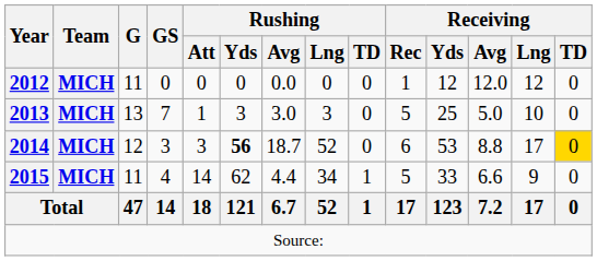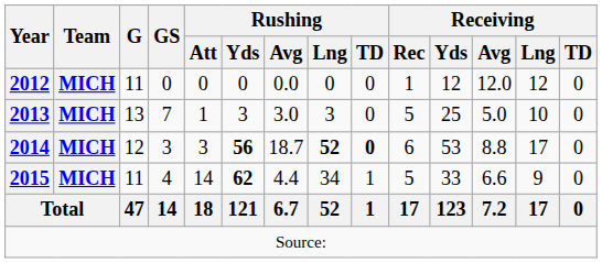 <table class="wikitable" style="text-align: center;">
 <tr>
 <th rowspan="2">Year</th>
 <th rowspan="2">Team</th>
 <th rowspan="2">G</th>
 <th rowspan="2">GS</th>
 <th colspan="5">Rushing</th>
 <th colspan="5">Receiving</th>
 </tr>
 <tr>
 <th>Att</th>
 <th>Yds</th>
 <th>Avg</th>
 <th>Lng</th>
 <th>TD</th>
 <th>Rec</th>
 <th>Yds</th>
 <th>Avg</th>
 <th>Lng</th>
 <th>TD</th>
 </tr>
 <tr>
 <th><a href='#'>2012</a></th>
 <th><a href='#'>MICH</a></th>
 <td>11</td>
 <td>0</td>
 <td>0</td>
 <td>0</td>
 <td>0.0</td>
 <td>0</td>
 <td>0</td>
 <td>1</td>
 <td>12</td>
 <td>12.0</td>
 <td>12</td>
 <td>0</td>
 </tr>
 <tr>
 <th><a href='#'>2013</a></th>
 <th><a href='#'>MICH</a></th>
 <td>13</td>
 <td>7</td>
 <td>1</td>
 <td>3</td>
 <td>3.0</td>
 <td>3</td>
 <td>0</td>
 <td>5</td>
 <td>25</td>
 <td>5.0</td>
 <td>10</td>
 <td>0</td>
 </tr>
 <tr>
 <th><a href='#'>2014</a></th>
 <th><a href='#'>MICH</a></th>
 <td>12</td>
 <td>3</td>
 <td>3</td>
 <td><strong>56</strong></td>
 <td>18.7</td>
-<td>52</td>
-<td>0</td>
+<td><strong>52</strong></td>
+<td><strong>0</strong></td>
 <td>6</td>
 <td>53</td>
 <td>8.8</td>
 <td>17</td>
-<td style="background: gold;">0</td>
+<td>0</td>
 </tr>
 <tr>
 <th><a href='#'>2015</a></th>
 <th><a href='#'>MICH</a></th>
 <td>11</td>
 <td>4</td>
 <td>14</td>
-<td>62</td>
+<td><strong>62</strong></td>
 <td>4.4</td>
 <td>34</td>
 <td>1</td>
 <td>5</td>
 <td>33</td>
 <td>6.6</td>
 <td>9</td>
 <td>0</td>
 </tr>
 <tr>
 <th colspan="2">Total</th>
 <th>47</th>
 <th>14</th>
 <th>18</th>
 <th>121</th>
 <th>6.7</th>
 <th>52</th>
 <th>1</th>
 <th>17</th>
 <th>123</th>
 <th>7.2</th>
 <th>17</th>
 <th>0</th>
 </tr>
 <tr>
 <td colspan="14"><small>Source: </small></td>
 </tr>
 </table>
